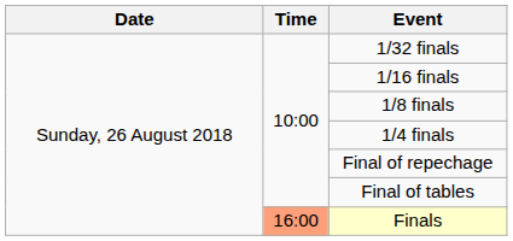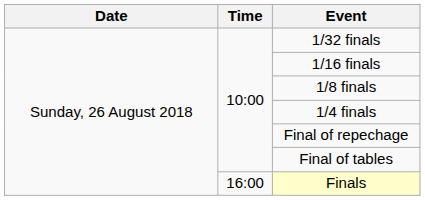 <table class = "wikitable" style="text-align:center;">
 <tr>
 <th width=220>Date</th>
 <th width=50>Time</th>
 <th width=150>Event</th>
 </tr>
 <tr>
 <td rowspan=7>Sunday, 26 August 2018</td>
 <td rowspan=6>10:00</td>
 <td>1/32 finals</td>
 </tr>
 <tr>
 <td>1/16 finals</td>
 </tr>
 <tr>
 <td>1/8 finals</td>
 </tr>
 <tr>
 <td>1/4 finals</td>
 </tr>
 <tr>
 <td>Final of repechage</td>
 </tr>
 <tr>
 <td>Final of tables</td>
 </tr>
 <tr>
-<td style="background: lightsalmon;">16:00</td>
+<td>16:00</td>
 <td bgcolor=ffffcc>Finals</td>
 </tr>
 </table>
